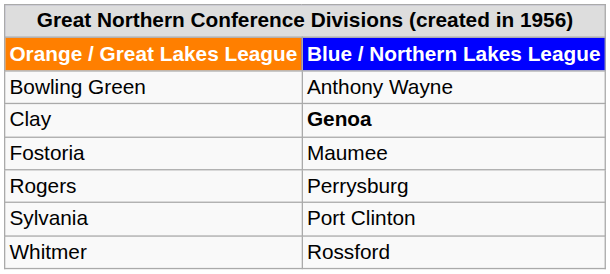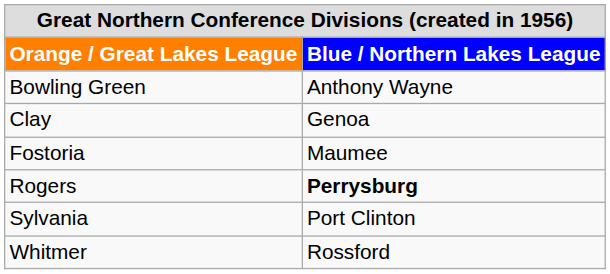 <table class="wikitable">
 <tr bgcolor=#ccccff>
 <th colspan=4  style="background:#dddddd;">Great Northern Conference Divisions (created in 1956)</th>
 </tr>
 <tr>
 <th style="background:#FF7F00; color: white">Orange / Great Lakes League</th>
 <th style="background:blue; color: white">Blue / Northern Lakes League</th>
 </tr>
 <tr>
 <td>Bowling Green</td>
 <td>Anthony Wayne</td>
 </tr>
 <tr>
 <td>Clay</td>
-<td><strong>Genoa</strong></td>
+<td>Genoa</td>
 </tr>
 <tr>
 <td>Fostoria</td>
 <td>Maumee</td>
 </tr>
 <tr>
 <td>Rogers</td>
-<td>Perrysburg</td>
+<td><strong>Perrysburg</strong></td>
 </tr>
 <tr>
 <td>Sylvania</td>
 <td>Port Clinton</td>
 </tr>
 <tr>
 <td>Whitmer</td>
 <td>Rossford</td>
 </tr>
 </table>
